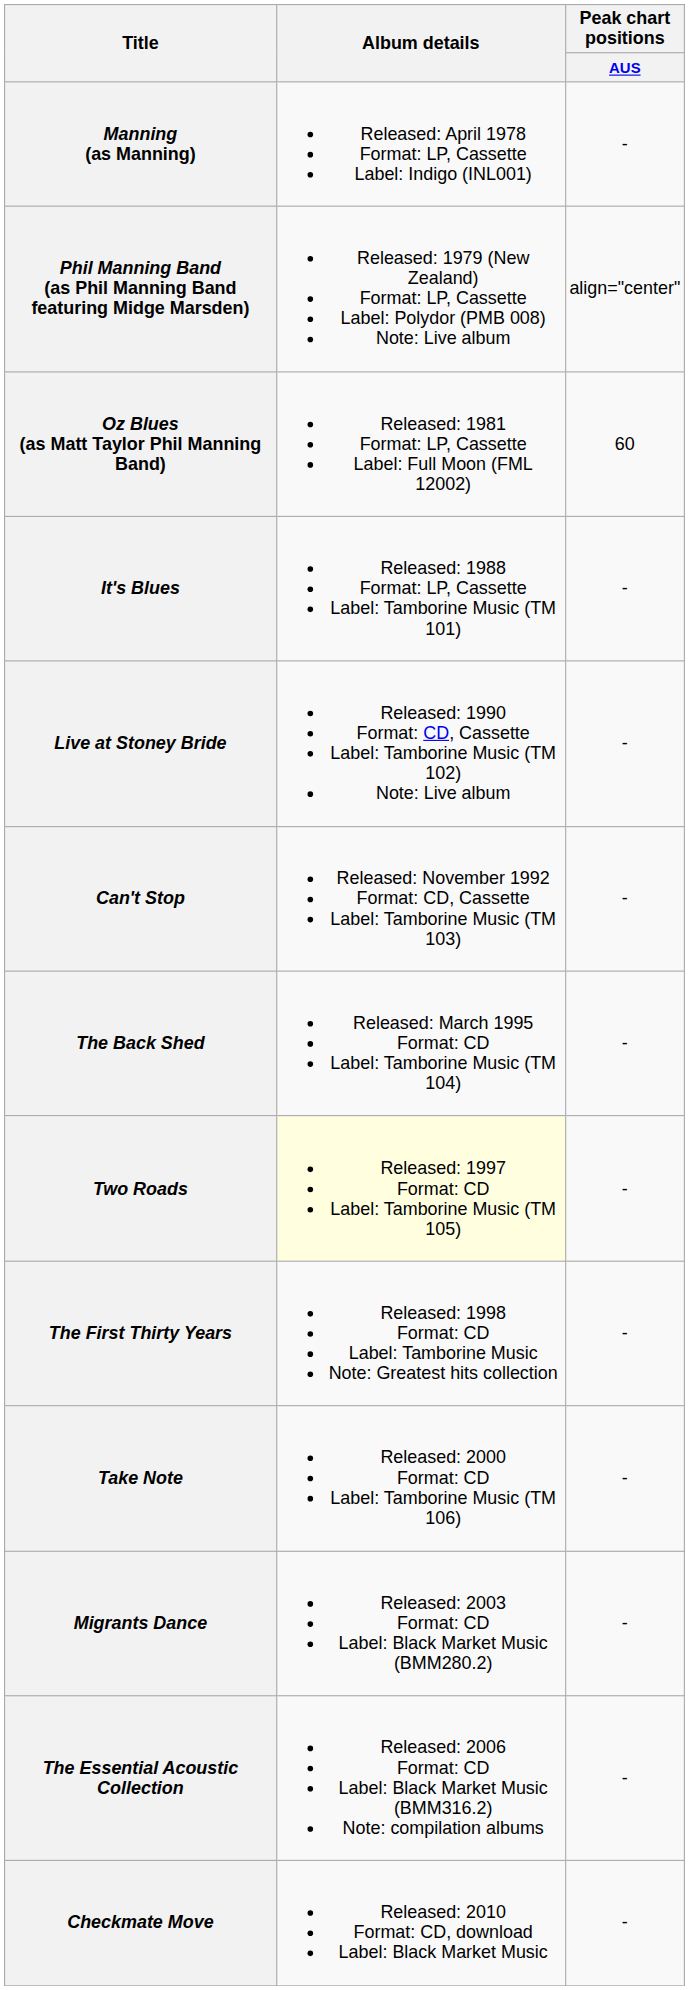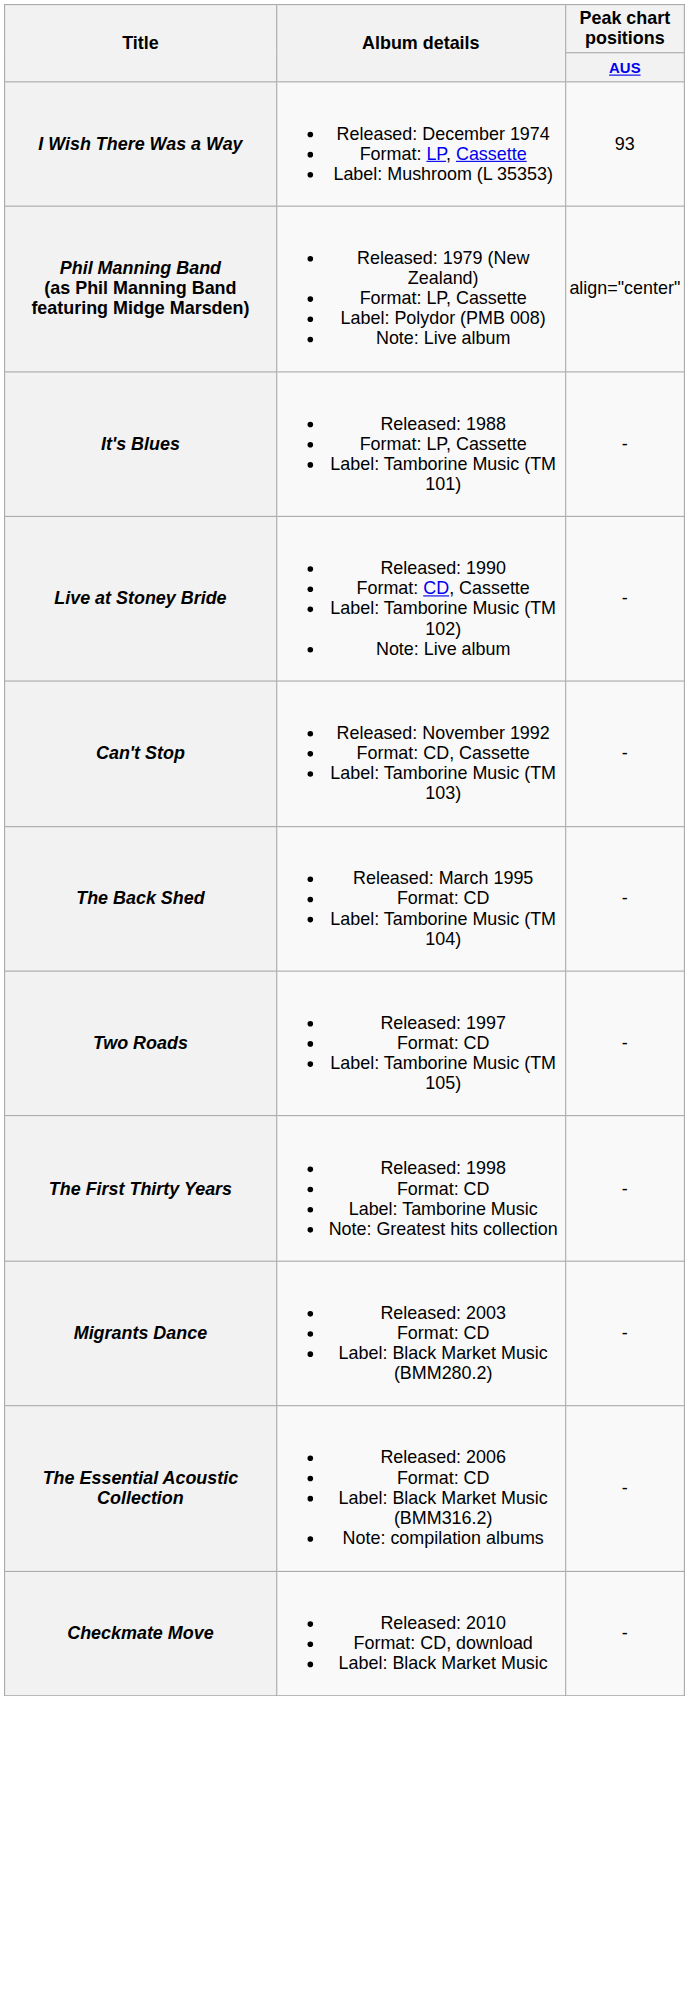 <table class="wikitable plainrowheaders" style="text-align:center;" border="1">
 <tr>
 <th scope="col" rowspan="2" style="width:20em;">Title</th>
 <th scope="col" rowspan="2" style="width:20em;">Album details</th>
 <th scope="col" colspan="1">Peak chart<br>positions</th>
 </tr>
 <tr>
 <th scope="col" style="text-align:center;"><small><a href='#'>AUS</a></small><br></th>
 </tr>
 <tr>
-<th scope="row"><em>Manning</em> <br> (as Manning)</th>
-<td><br><ul><li>Released: April 1978</li><li>Format: LP, Cassette</li><li>Label: Indigo (INL001)</li></ul></td>
-<td align="center">-</td>
+<th scope="row"><em>I Wish There Was a Way</em></th>
+<td><br><ul><li>Released: December 1974</li><li>Format: <a href='#'>LP</a>, <a href='#'>Cassette</a></li><li>Label: Mushroom (L 35353)</li></ul></td>
+<td align="center">93</td>
 </tr>
 <tr>
 <th scope="row"><em>Phil Manning Band</em> <br> (as Phil Manning Band featuring Midge Marsden)</th>
 <td><br><ul><li>Released: 1979 (New Zealand)</li><li>Format: LP, Cassette</li><li>Label: Polydor (PMB 008)</li><li>Note: Live album</li></ul></td>
 <td>align="center" </td>
-</tr>
-<tr>
-<th scope="row"><em>Oz Blues</em> <br> (as Matt Taylor Phil Manning Band)</th>
-<td><br><ul><li>Released: 1981</li><li>Format: LP, Cassette</li><li>Label: Full Moon (FML 12002)</li></ul></td>
-<td align="center">60</td>
 </tr>
 <tr>
 <th scope="row"><em>It's Blues</em></th>
 <td><br><ul><li>Released: 1988</li><li>Format: LP, Cassette</li><li>Label: Tamborine Music (TM 101)</li></ul></td>
 <td align="center">-</td>
 </tr>
 <tr>
 <th scope="row"><em>Live at Stoney Bride</em></th>
 <td><br><ul><li>Released: 1990</li><li>Format: <a href='#'>CD</a>, Cassette</li><li>Label: Tamborine Music (TM 102)</li><li>Note: Live album</li></ul></td>
 <td align="center">-</td>
 </tr>
 <tr>
 <th scope="row"><em>Can't Stop</em></th>
 <td><br><ul><li>Released: November 1992</li><li>Format: CD, Cassette</li><li>Label: Tamborine Music (TM 103)</li></ul></td>
 <td align="center">-</td>
 </tr>
 <tr>
 <th scope="row"><em>The Back Shed</em></th>
 <td><br><ul><li>Released: March 1995</li><li>Format: CD</li><li>Label: Tamborine Music (TM 104)</li></ul></td>
 <td align="center">-</td>
 </tr>
 <tr>
 <th scope="row"><em>Two Roads</em></th>
-<td style="background: lightyellow;"><br><ul><li>Released: 1997</li><li>Format: CD</li><li>Label: Tamborine Music (TM 105)</li></ul></td>
+<td><br><ul><li>Released: 1997</li><li>Format: CD</li><li>Label: Tamborine Music (TM 105)</li></ul></td>
 <td align="center">-</td>
 </tr>
 <tr>
 <th scope="row"><em>The First Thirty Years</em></th>
 <td><br><ul><li>Released: 1998</li><li>Format: CD</li><li>Label: Tamborine Music</li><li>Note: Greatest hits collection</li></ul></td>
-<td align="center">-</td>
-</tr>
-<tr>
-<th scope="row"><em>Take Note</em></th>
-<td><br><ul><li>Released: 2000</li><li>Format: CD</li><li>Label: Tamborine Music (TM 106)</li></ul></td>
 <td align="center">-</td>
 </tr>
 <tr>
 <th scope="row"><em>Migrants Dance</em></th>
 <td><br><ul><li>Released: 2003</li><li>Format: CD</li><li>Label: Black Market Music (BMM280.2)</li></ul></td>
 <td align="center">-</td>
 </tr>
 <tr>
 <th scope="row"><em>The Essential Acoustic Collection</em></th>
 <td><br><ul><li>Released: 2006</li><li>Format: CD</li><li>Label: Black Market Music (BMM316.2)</li><li>Note: compilation albums</li></ul></td>
 <td align="center">-</td>
 </tr>
 <tr>
 <th scope="row"><em>Checkmate Move</em></th>
 <td><br><ul><li>Released: 2010</li><li>Format: CD, download</li><li>Label: Black Market Music</li></ul></td>
 <td align="center">-</td>
 </tr>
 </table>
